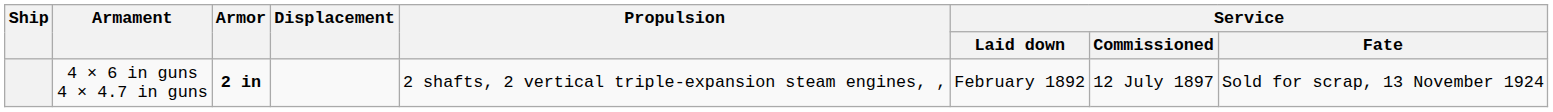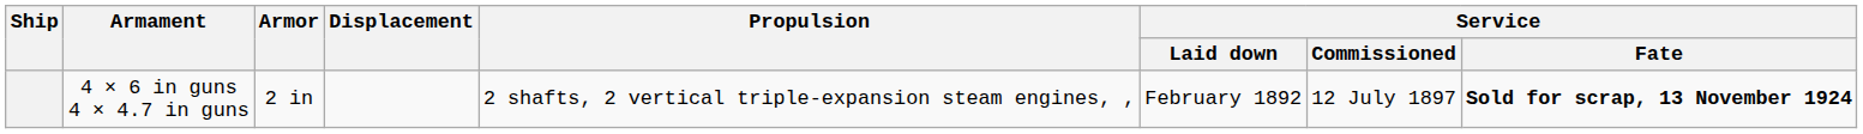 <table class="wikitable plainrowheaders" style="text-align: center;">
 <tr valign="top">
 <th scope="col" rowspan="2">Ship</th>
 <th scope="col" rowspan="2">Armament</th>
 <th scope="col" rowspan="2">Armor</th>
 <th scope="col" rowspan="2">Displacement</th>
 <th scope="col" rowspan="2">Propulsion</th>
 <th scope="col" colspan="3">Service</th>
 </tr>
 <tr valign="top">
 <th scope="col">Laid down</th>
 <th scope="col">Commissioned</th>
 <th scope="col">Fate</th>
 </tr>
 <tr valign="center">
 <th scope="row"></th>
 <td>4 × 6 in guns<br>4 × 4.7 in guns</td>
-<td><strong>2 in</strong></td>
+<td>2 in</td>
 <td></td>
 <td>2 shafts, 2 vertical triple-expansion steam engines, , </td>
 <td>February 1892</td>
 <td>12 July 1897</td>
-<td>Sold for scrap, 13 November 1924</td>
+<td><strong>Sold for scrap, 13 November 1924</strong></td>
 </tr>
 </table>
